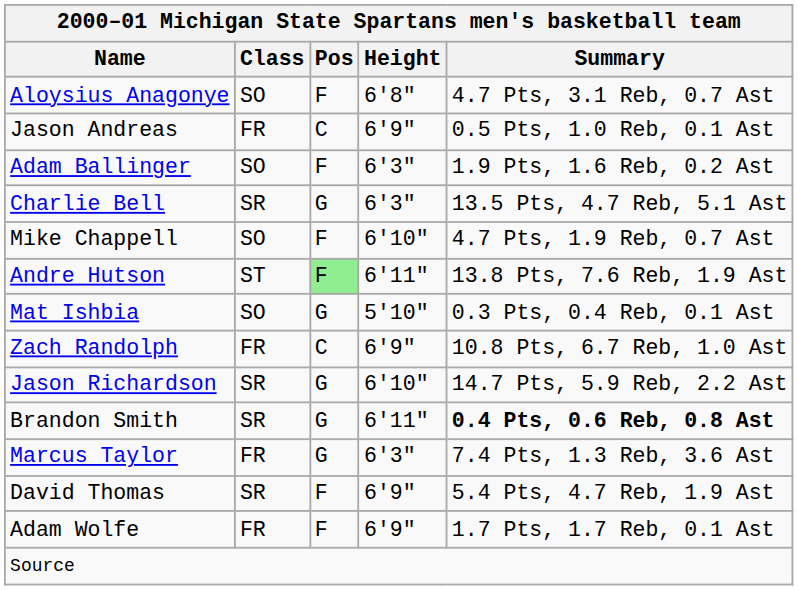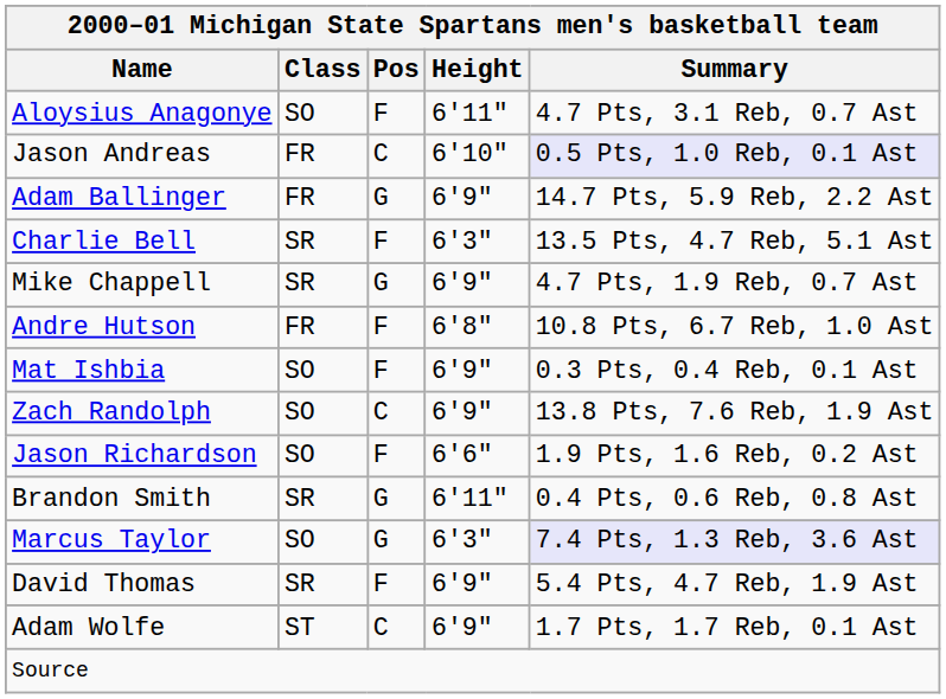 <table class="wikitable" style="font-size: 90%"|->
 <tr>
 <th colspan=9 style="background:#">2000–01 Michigan State Spartans men's basketball team</th>
 </tr>
 <tr>
 <th style="background:#">Name</th>
 <th style="background:#">Class</th>
 <th style="background:#">Pos</th>
 <th style="background:#">Height</th>
 <th style="background:#">Summary</th>
 </tr>
 <tr>
 <td><a href='#'>Aloysius Anagonye</a></td>
 <td>SO</td>
 <td>F</td>
-<td>6'8"</td>
+<td>6'11"</td>
 <td>4.7 Pts, 3.1 Reb, 0.7 Ast</td>
 </tr>
 <tr>
 <td>Jason Andreas</td>
 <td>FR</td>
 <td>C</td>
-<td>6'9"</td>
-<td>0.5 Pts, 1.0 Reb, 0.1 Ast</td>
+<td>6'10"</td>
+<td style="background: lavender;">0.5 Pts, 1.0 Reb, 0.1 Ast</td>
 </tr>
 <tr>
 <td><a href='#'>Adam Ballinger</a></td>
-<td>SO</td>
-<td>F</td>
-<td>6'3"</td>
-<td>1.9 Pts, 1.6 Reb, 0.2 Ast</td>
+<td>FR</td>
+<td>G</td>
+<td>6'9"</td>
+<td>14.7 Pts, 5.9 Reb, 2.2 Ast</td>
 </tr>
 <tr>
 <td><a href='#'>Charlie Bell</a></td>
 <td>SR</td>
-<td>G</td>
+<td>F</td>
 <td>6'3"</td>
 <td>13.5 Pts, 4.7 Reb, 5.1 Ast</td>
 </tr>
 <tr>
 <td>Mike Chappell</td>
-<td>SO</td>
-<td>F</td>
-<td>6'10"</td>
+<td>SR</td>
+<td>G</td>
+<td>6'9"</td>
 <td>4.7 Pts, 1.9 Reb, 0.7 Ast</td>
 </tr>
 <tr>
 <td><a href='#'>Andre Hutson</a></td>
-<td>ST</td>
-<td style="background: lightgreen;">F</td>
-<td>6'11"</td>
-<td>13.8 Pts, 7.6 Reb, 1.9 Ast</td>
+<td>FR</td>
+<td>F</td>
+<td>6'8"</td>
+<td>10.8 Pts, 6.7 Reb, 1.0 Ast</td>
 </tr>
 <tr>
 <td><a href='#'>Mat Ishbia</a></td>
 <td>SO</td>
-<td>G</td>
-<td>5'10"</td>
+<td>F</td>
+<td>6'9"</td>
 <td>0.3 Pts, 0.4 Reb, 0.1 Ast</td>
 </tr>
 <tr>
 <td><a href='#'>Zach Randolph</a></td>
-<td>FR</td>
+<td>SO</td>
 <td>C</td>
 <td>6'9"</td>
-<td>10.8 Pts, 6.7 Reb, 1.0 Ast</td>
+<td>13.8 Pts, 7.6 Reb, 1.9 Ast</td>
 </tr>
 <tr>
 <td><a href='#'>Jason Richardson</a></td>
-<td>SR</td>
-<td>G</td>
-<td>6'10"</td>
-<td>14.7 Pts, 5.9 Reb, 2.2 Ast</td>
+<td>SO</td>
+<td>F</td>
+<td>6'6"</td>
+<td>1.9 Pts, 1.6 Reb, 0.2 Ast</td>
 </tr>
 <tr>
 <td>Brandon Smith</td>
 <td>SR</td>
 <td>G</td>
 <td>6'11"</td>
-<td><strong>0.4 Pts, 0.6 Reb, 0.8 Ast</strong></td>
+<td>0.4 Pts, 0.6 Reb, 0.8 Ast</td>
 </tr>
 <tr>
 <td><a href='#'>Marcus Taylor</a></td>
-<td>FR</td>
+<td>SO</td>
 <td>G</td>
 <td>6'3"</td>
-<td>7.4 Pts, 1.3 Reb, 3.6 Ast</td>
+<td style="background: lavender;">7.4 Pts, 1.3 Reb, 3.6 Ast</td>
 </tr>
 <tr>
 <td>David Thomas</td>
 <td>SR</td>
 <td>F</td>
 <td>6'9"</td>
 <td>5.4 Pts, 4.7 Reb, 1.9 Ast</td>
 </tr>
 <tr>
 <td>Adam Wolfe</td>
-<td>FR</td>
-<td>F</td>
+<td>ST</td>
+<td>C</td>
 <td>6'9"</td>
 <td>1.7 Pts, 1.7 Reb, 0.1 Ast</td>
 </tr>
 <tr>
 <td colspan=9><small>Source</small></td>
 </tr>
 </table>
